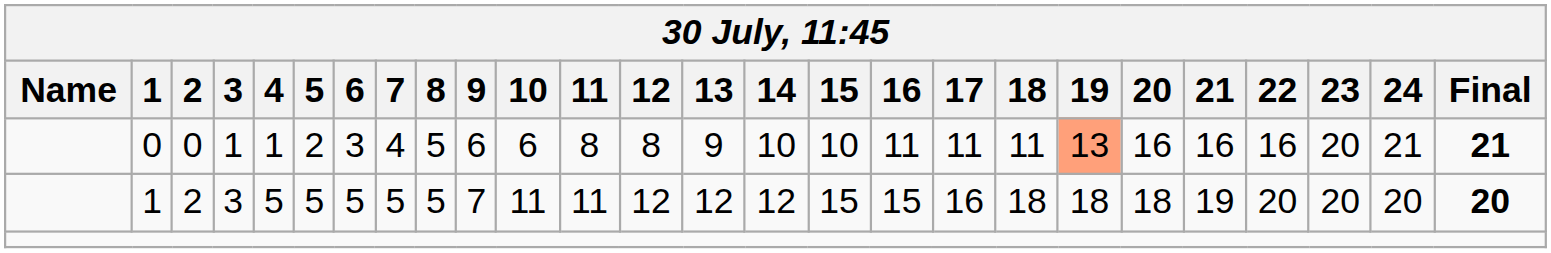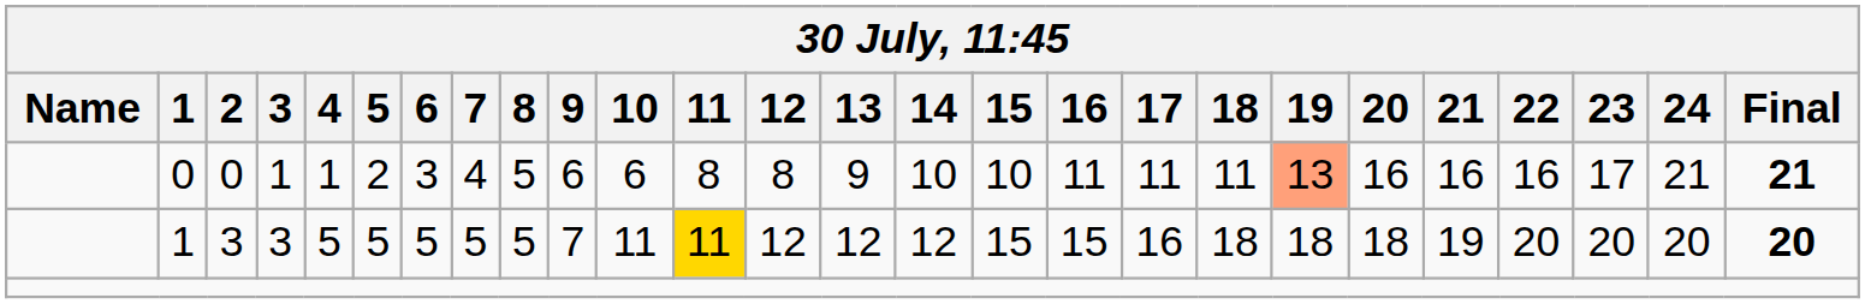 <table class=wikitable style="text-align:center; width: 55%">
 <tr>
 <th colspan=26><em>30 July, 11:45</em></th>
 </tr>
 <tr>
 <th>Name</th>
 <th>1</th>
 <th>2</th>
 <th>3</th>
 <th>4</th>
 <th>5</th>
 <th>6</th>
 <th>7</th>
 <th>8</th>
 <th>9</th>
 <th>10</th>
 <th>11</th>
 <th>12</th>
 <th>13</th>
 <th>14</th>
 <th>15</th>
 <th>16</th>
 <th>17</th>
 <th>18</th>
 <th>19</th>
 <th>20</th>
 <th>21</th>
 <th>22</th>
 <th>23</th>
 <th>24</th>
 <th>Final</th>
 </tr>
 <tr>
 <td align=left><strong></strong></td>
 <td>0</td>
 <td>0</td>
 <td>1</td>
 <td>1</td>
 <td>2</td>
 <td>3</td>
 <td>4</td>
 <td>5</td>
 <td>6</td>
 <td>6</td>
 <td>8</td>
 <td>8</td>
 <td>9</td>
 <td>10</td>
 <td>10</td>
 <td>11</td>
 <td>11</td>
 <td>11</td>
 <td style="background: lightsalmon;">13</td>
 <td>16</td>
 <td>16</td>
 <td>16</td>
-<td>20</td>
+<td>17</td>
 <td>21</td>
 <td><strong>21</strong></td>
 </tr>
 <tr>
 <td align=left><strong></strong></td>
 <td>1</td>
-<td>2</td>
+<td>3</td>
 <td>3</td>
 <td>5</td>
 <td>5</td>
 <td>5</td>
 <td>5</td>
 <td>5</td>
 <td>7</td>
 <td>11</td>
-<td>11</td>
+<td style="background: gold;">11</td>
 <td>12</td>
 <td>12</td>
 <td>12</td>
 <td>15</td>
 <td>15</td>
 <td>16</td>
 <td>18</td>
 <td>18</td>
 <td>18</td>
 <td>19</td>
 <td>20</td>
 <td>20</td>
 <td>20</td>
 <td><strong>20</strong></td>
 </tr>
 <tr>
 <td colspan=26></td>
 </tr>
 </table>
